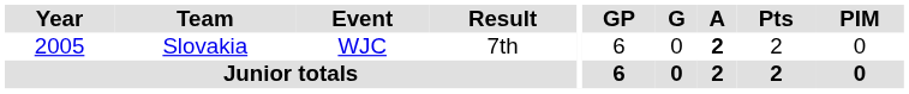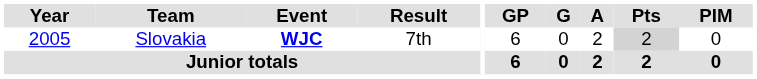 <table border="0" cellpadding="1" cellspacing="0" ID="Table3" style="text-align:center; width:40em">
 <tr ALIGN="center" bgcolor="#e0e0e0">
 <th>Year</th>
 <th>Team</th>
 <th>Event</th>
 <th>Result</th>
 <th rowspan="99" bgcolor="#ffffff"></th>
 <th>GP</th>
 <th>G</th>
 <th>A</th>
 <th>Pts</th>
 <th>PIM</th>
 </tr>
 <tr>
 <td><a href='#'>2005</a></td>
 <td><a href='#'>Slovakia</a></td>
-<td><a href='#'>WJC</a></td>
+<td><strong><a href='#'>WJC</a></strong></td>
 <td>7th</td>
 <td>6</td>
 <td>0</td>
-<td><strong>2</strong></td>
 <td>2</td>
+<td style="background: lightgrey;">2</td>
 <td>0</td>
 </tr>
 <tr bgcolor="#e0e0e0">
 <th colspan="4">Junior totals</th>
 <th>6</th>
 <th>0</th>
 <th>2</th>
 <th>2</th>
 <th>0</th>
 </tr>
 </table>
